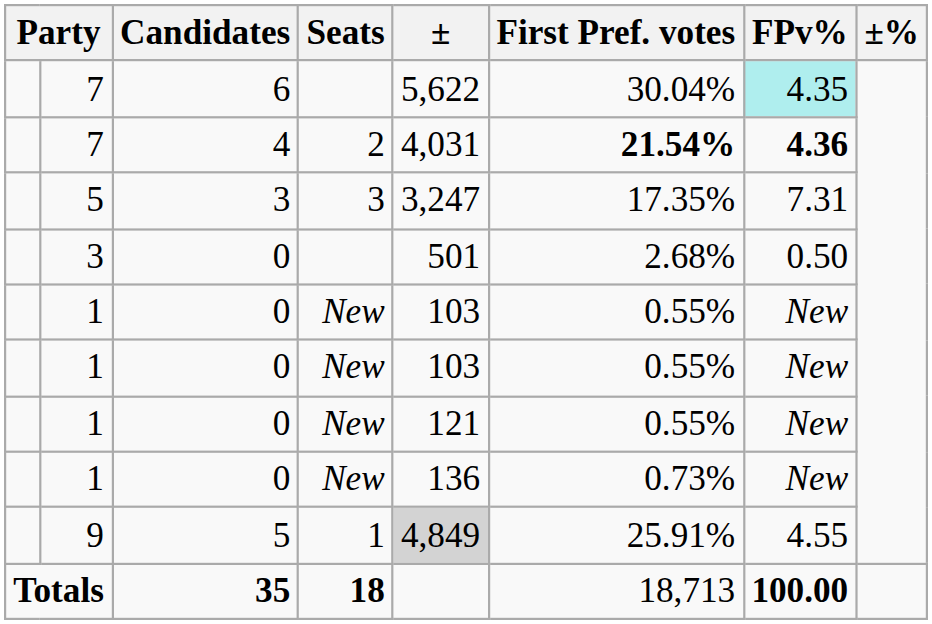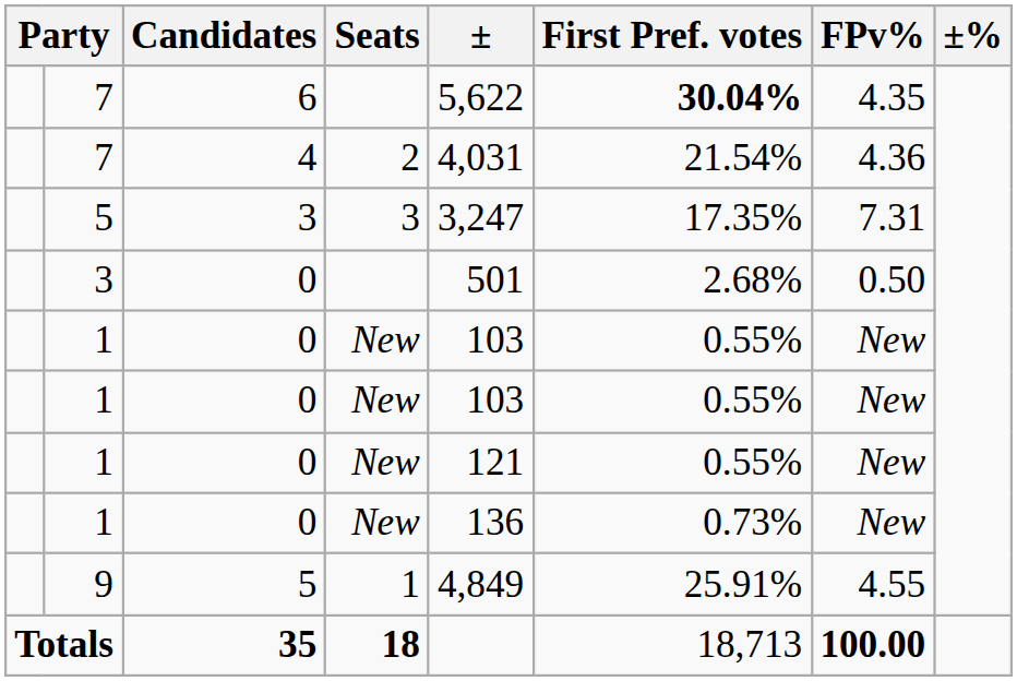 <table class=wikitable>
 <tr>
 <th colspan=2 align=center>Party</th>
 <th valign=top>Candidates</th>
 <th valign=top>Seats</th>
 <th valign=top>±</th>
 <th valign=top>First Pref. votes</th>
 <th valign=top>FPv%</th>
 <th valign=top>±%</th>
 </tr>
 <tr>
 <td></td>
 <td align=right>7</td>
 <td align=right>6</td>
 <td align=right></td>
 <td align=right>5,622</td>
-<td align=right>30.04%</td>
-<td align=right style="background: paleturquoise;"> 4.35</td>
+<td align=right><strong>30.04%</strong></td>
+<td align=right> 4.35</td>
 </tr>
 <tr>
 <td></td>
 <td align=right>7</td>
 <td align=right>4</td>
 <td align=right> 2</td>
 <td align=right>4,031</td>
-<td align=right><strong>21.54%</strong></td>
-<td align=right><strong>4.36</strong></td>
+<td align=right>21.54%</td>
+<td align=right>4.36</td>
 </tr>
 <tr>
 <td></td>
 <td align=right>5</td>
 <td align=right>3</td>
 <td align=right> 3</td>
 <td align=right>3,247</td>
 <td align=right>17.35%</td>
 <td align=right> 7.31</td>
 </tr>
 <tr>
 <td></td>
 <td align=right>3</td>
 <td align=right>0</td>
 <td align=right></td>
 <td align=right>501</td>
 <td align=right>2.68%</td>
 <td align=right>0.50</td>
 </tr>
 <tr>
 <td></td>
 <td align=right>1</td>
 <td align=right>0</td>
 <td align=right><em>New</em></td>
 <td align=right>103</td>
 <td align=right>0.55%</td>
 <td align=right><em>New</em></td>
 </tr>
 <tr>
 <td></td>
 <td align=right>1</td>
 <td align=right>0</td>
 <td align=right><em>New</em></td>
 <td align=right>103</td>
 <td align=right>0.55%</td>
 <td align=right><em>New</em></td>
 </tr>
 <tr>
 <td></td>
 <td align=right>1</td>
 <td align=right>0</td>
 <td align=right><em>New</em></td>
 <td align=right>121</td>
 <td align=right>0.55%</td>
 <td align=right><em>New</em></td>
 </tr>
 <tr>
 <td></td>
 <td align=right>1</td>
 <td align=right>0</td>
 <td align=right><em>New</em></td>
 <td align=right>136</td>
 <td align=right>0.73%</td>
 <td align=right><em>New</em></td>
 </tr>
 <tr>
 <td></td>
 <td align=right>9</td>
 <td align=right>5</td>
 <td align=right> 1</td>
-<td align=right style="background: lightgrey;">4,849</td>
+<td align=right>4,849</td>
 <td align=right>25.91%</td>
 <td align=right>4.55</td>
 </tr>
 <tr>
 <td colspan=2 align=center><strong>Totals</strong></td>
 <td align=right><strong>35</strong></td>
 <td align=right><strong>18</strong></td>
 <td align=center></td>
 <td align=right>18,713</td>
 <td align=center><strong>100.00</strong></td>
 <td align=center></td>
 </tr>
 </table>
